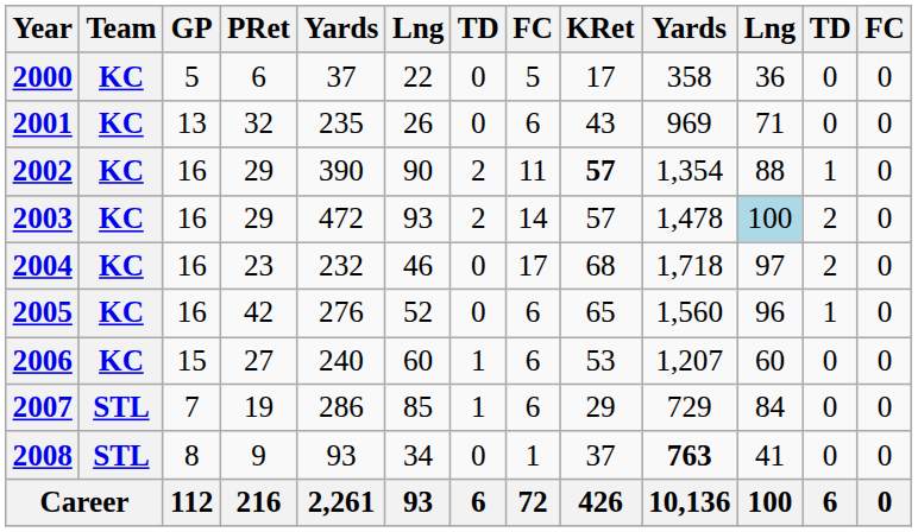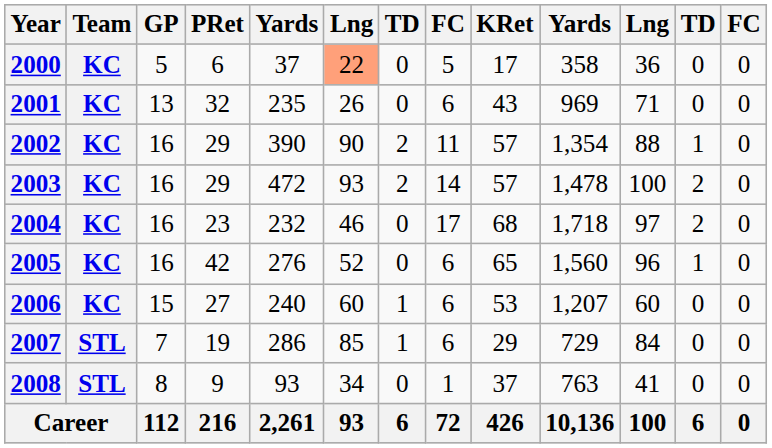 <table class="wikitable" style="text-align: center;">
 <tr>
 <th>Year</th>
 <th>Team</th>
 <th>GP</th>
 <th>PRet</th>
 <th>Yards</th>
 <th>Lng</th>
 <th>TD</th>
 <th>FC</th>
 <th>KRet</th>
 <th>Yards</th>
 <th>Lng</th>
 <th>TD</th>
 <th>FC</th>
 </tr>
 <tr>
 <th><a href='#'>2000</a></th>
 <th><a href='#'>KC</a></th>
 <td>5</td>
 <td>6</td>
 <td>37</td>
-<td>22</td>
+<td style="background: lightsalmon;">22</td>
 <td>0</td>
 <td>5</td>
 <td>17</td>
 <td>358</td>
 <td>36</td>
 <td>0</td>
 <td>0</td>
 </tr>
 <tr>
 <th><a href='#'>2001</a></th>
 <th><a href='#'>KC</a></th>
 <td>13</td>
 <td>32</td>
 <td>235</td>
 <td>26</td>
 <td>0</td>
 <td>6</td>
 <td>43</td>
 <td>969</td>
 <td>71</td>
 <td>0</td>
 <td>0</td>
 </tr>
 <tr>
 <th><a href='#'>2002</a></th>
 <th><a href='#'>KC</a></th>
 <td>16</td>
 <td>29</td>
 <td>390</td>
 <td>90</td>
 <td>2</td>
 <td>11</td>
-<td><strong>57</strong></td>
+<td>57</td>
 <td>1,354</td>
 <td>88</td>
 <td>1</td>
 <td>0</td>
 </tr>
 <tr>
 <th><a href='#'>2003</a></th>
 <th><a href='#'>KC</a></th>
 <td>16</td>
 <td>29</td>
 <td>472</td>
 <td>93</td>
 <td>2</td>
 <td>14</td>
 <td>57</td>
 <td>1,478</td>
-<td style="background: lightblue;">100</td>
+<td>100</td>
 <td>2</td>
 <td>0</td>
 </tr>
 <tr>
 <th><a href='#'>2004</a></th>
 <th><a href='#'>KC</a></th>
 <td>16</td>
 <td>23</td>
 <td>232</td>
 <td>46</td>
 <td>0</td>
 <td>17</td>
 <td>68</td>
 <td>1,718</td>
 <td>97</td>
 <td>2</td>
 <td>0</td>
 </tr>
 <tr>
 <th><a href='#'>2005</a></th>
 <th><a href='#'>KC</a></th>
 <td>16</td>
 <td>42</td>
 <td>276</td>
 <td>52</td>
 <td>0</td>
 <td>6</td>
 <td>65</td>
 <td>1,560</td>
 <td>96</td>
 <td>1</td>
 <td>0</td>
 </tr>
 <tr>
 <th><a href='#'>2006</a></th>
 <th><a href='#'>KC</a></th>
 <td>15</td>
 <td>27</td>
 <td>240</td>
 <td>60</td>
 <td>1</td>
 <td>6</td>
 <td>53</td>
 <td>1,207</td>
 <td>60</td>
 <td>0</td>
 <td>0</td>
 </tr>
 <tr>
 <th><a href='#'>2007</a></th>
 <th><a href='#'>STL</a></th>
 <td>7</td>
 <td>19</td>
 <td>286</td>
 <td>85</td>
 <td>1</td>
 <td>6</td>
 <td>29</td>
 <td>729</td>
 <td>84</td>
 <td>0</td>
 <td>0</td>
 </tr>
 <tr>
 <th><a href='#'>2008</a></th>
 <th><a href='#'>STL</a></th>
 <td>8</td>
 <td>9</td>
 <td>93</td>
 <td>34</td>
 <td>0</td>
 <td>1</td>
 <td>37</td>
-<td><strong>763</strong></td>
+<td>763</td>
 <td>41</td>
 <td>0</td>
 <td>0</td>
 </tr>
 <tr>
 <th colspan="2">Career</th>
 <th>112</th>
 <th>216</th>
 <th>2,261</th>
 <th>93</th>
 <th>6</th>
 <th>72</th>
 <th>426</th>
 <th>10,136</th>
 <th>100</th>
 <th>6</th>
 <th>0</th>
 </tr>
 </table>
